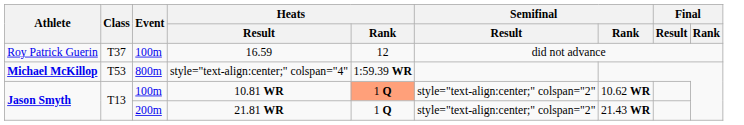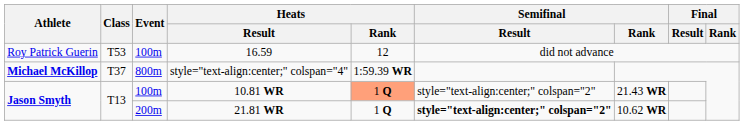 <table class=wikitable style="font-size:90%">
 <tr>
 <th rowspan="2">Athlete</th>
 <th rowspan="2">Class</th>
 <th rowspan="2">Event</th>
 <th colspan="2">Heats</th>
 <th colspan="2">Semifinal</th>
 <th colspan="2">Final</th>
 </tr>
 <tr>
 <th>Result</th>
 <th>Rank</th>
 <th>Result</th>
 <th>Rank</th>
 <th>Result</th>
 <th>Rank</th>
 </tr>
 <tr>
 <td><a href='#'>Roy Patrick Guerin</a></td>
-<td style="text-align:center;">T37</td>
+<td style="text-align:center;">T53</td>
 <td><a href='#'>100m</a></td>
 <td style="text-align:center;">16.59</td>
 <td style="text-align:center;">12</td>
 <td style="text-align:center;" colspan="4">did not advance</td>
 </tr>
 <tr>
 <td><strong><a href='#'>Michael McKillop</a></strong></td>
-<td style="text-align:center;">T53</td>
+<td style="text-align:center;">T37</td>
 <td><a href='#'>800m</a></td>
 <td>style="text-align:center;" colspan="4" </td>
 <td style="text-align:center;">1:59.39 <strong>WR</strong></td>
 <td style="text-align:center;"></td>
 </tr>
 <tr>
 <td rowspan="2"><strong><a href='#'>Jason Smyth</a></strong></td>
 <td rowspan="2" style="text-align:center;">T13</td>
 <td><a href='#'>100m</a></td>
 <td style="text-align:center;">10.81 <strong>WR</strong></td>
 <td style="background: lightsalmon; text-align:center;">1 <strong>Q</strong></td>
 <td>style="text-align:center;" colspan="2" </td>
-<td style="text-align:center;">10.62 <strong>WR</strong></td>
+<td style="text-align:center;">21.43 <strong>WR</strong></td>
 <td style="text-align:center;"></td>
 </tr>
 <tr>
 <td><a href='#'>200m</a></td>
 <td style="text-align:center;">21.81 <strong>WR</strong></td>
 <td style="text-align:center;">1 <strong>Q</strong></td>
-<td>style="text-align:center;" colspan="2" </td>
-<td style="text-align:center;">21.43 <strong>WR</strong></td>
+<td><strong>style="text-align:center;" colspan="2" </strong></td>
+<td style="text-align:center;">10.62 <strong>WR</strong></td>
 <td style="text-align:center;"></td>
 </tr>
 </table>
